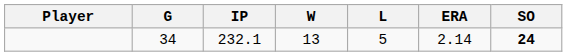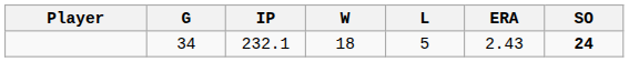 <table class="wikitable sortable">
 <tr>
 <th bgcolor="#DDDDFF" width="16%">Player</th>
 <th bgcolor="#DDDDFF" width="9%">G</th>
 <th bgcolor="#DDDDFF" width="9%">IP</th>
 <th bgcolor="#DDDDFF" width="9%">W</th>
 <th bgcolor="#DDDDFF" width="9%">L</th>
 <th bgcolor="#DDDDFF" width="9%">ERA</th>
 <th bgcolor="#DDDDFF" width="9%">SO</th>
 </tr>
 <tr align="center">
 <td></td>
 <td>34</td>
 <td>232.1</td>
-<td>13</td>
+<td>18</td>
 <td>5</td>
-<td>2.14</td>
+<td>2.43</td>
 <td><strong>24</strong></td>
 </tr>
 </table>
